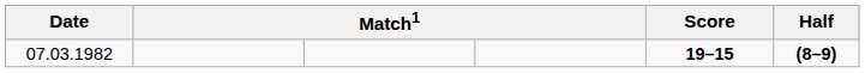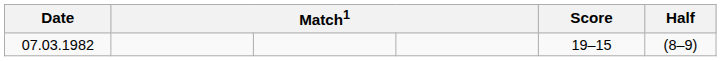 <table width=750 class="wikitable">
 <tr bgcolor="lightsteelblue">
 <th width=15%>Date</th>
 <th width=60% colspan=3>Match<sup>1</sup></th>
 <th width=15%>Score</th>
 <th>Half</th>
 </tr>
 <tr style=font-size:95%>
 <td align=center>07.03.1982</td>
 <td align=right></td>
 <td></td>
 <td></td>
-<td align=center><strong>19–15</strong></td>
-<td align=center><strong>(8–9)</strong></td>
+<td align=center>19–15</td>
+<td align=center>(8–9)</td>
 </tr>
 </table>
